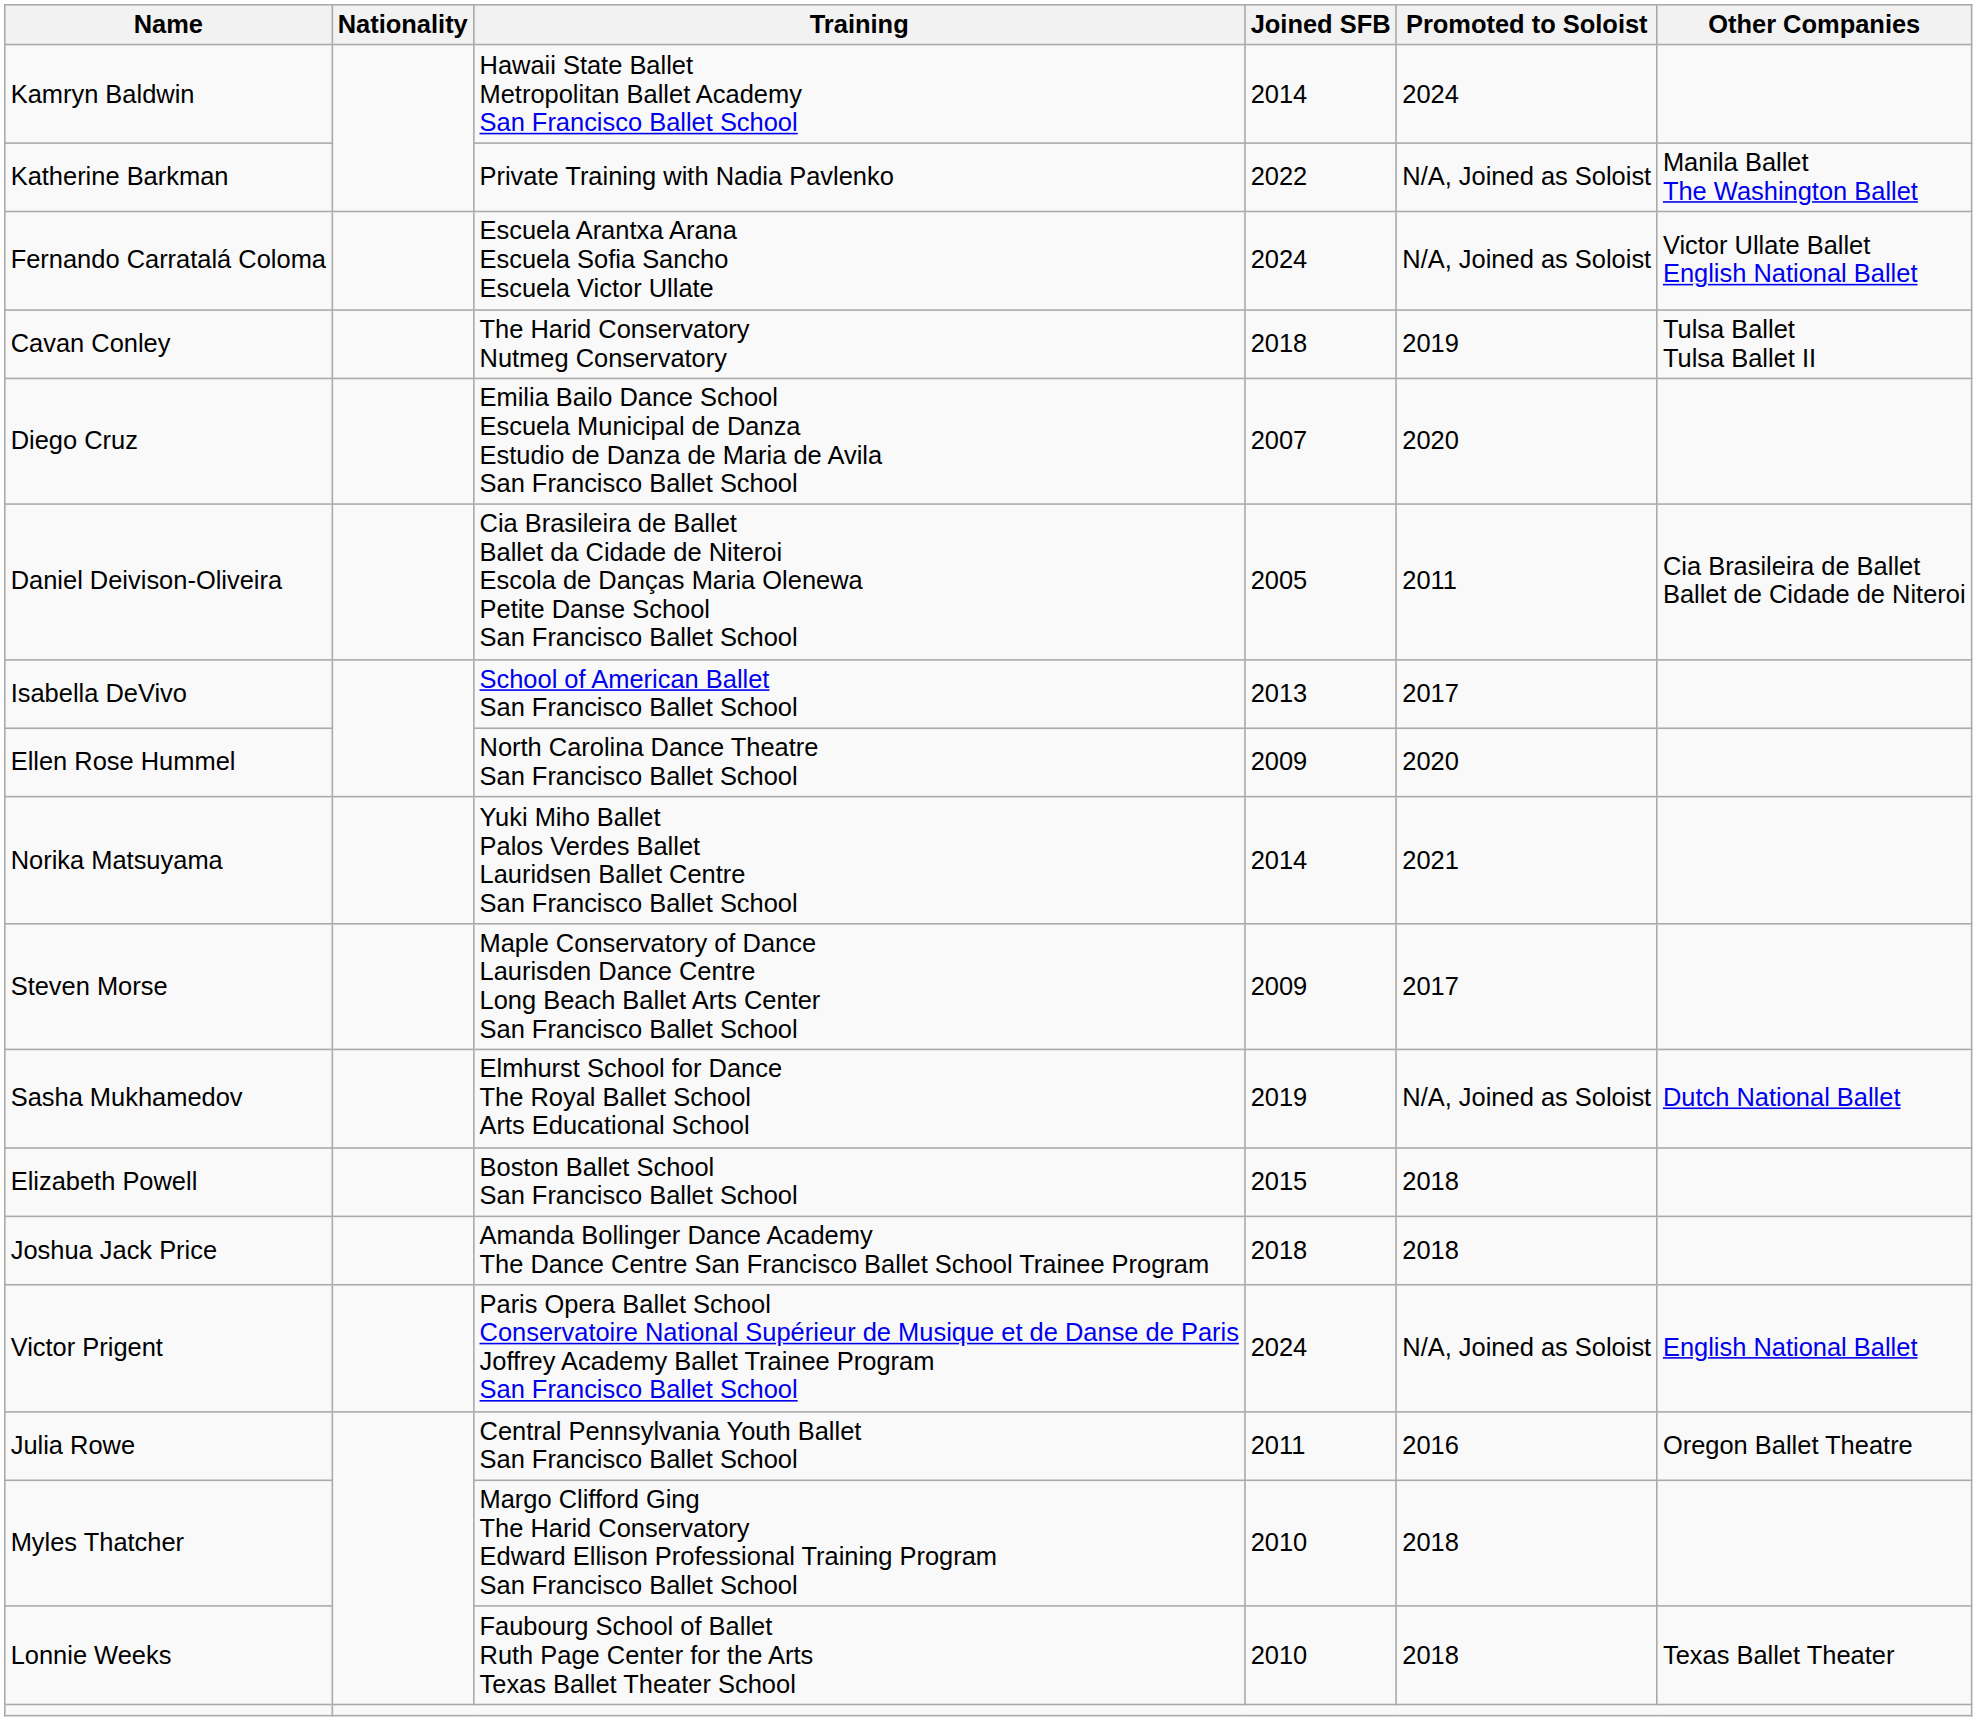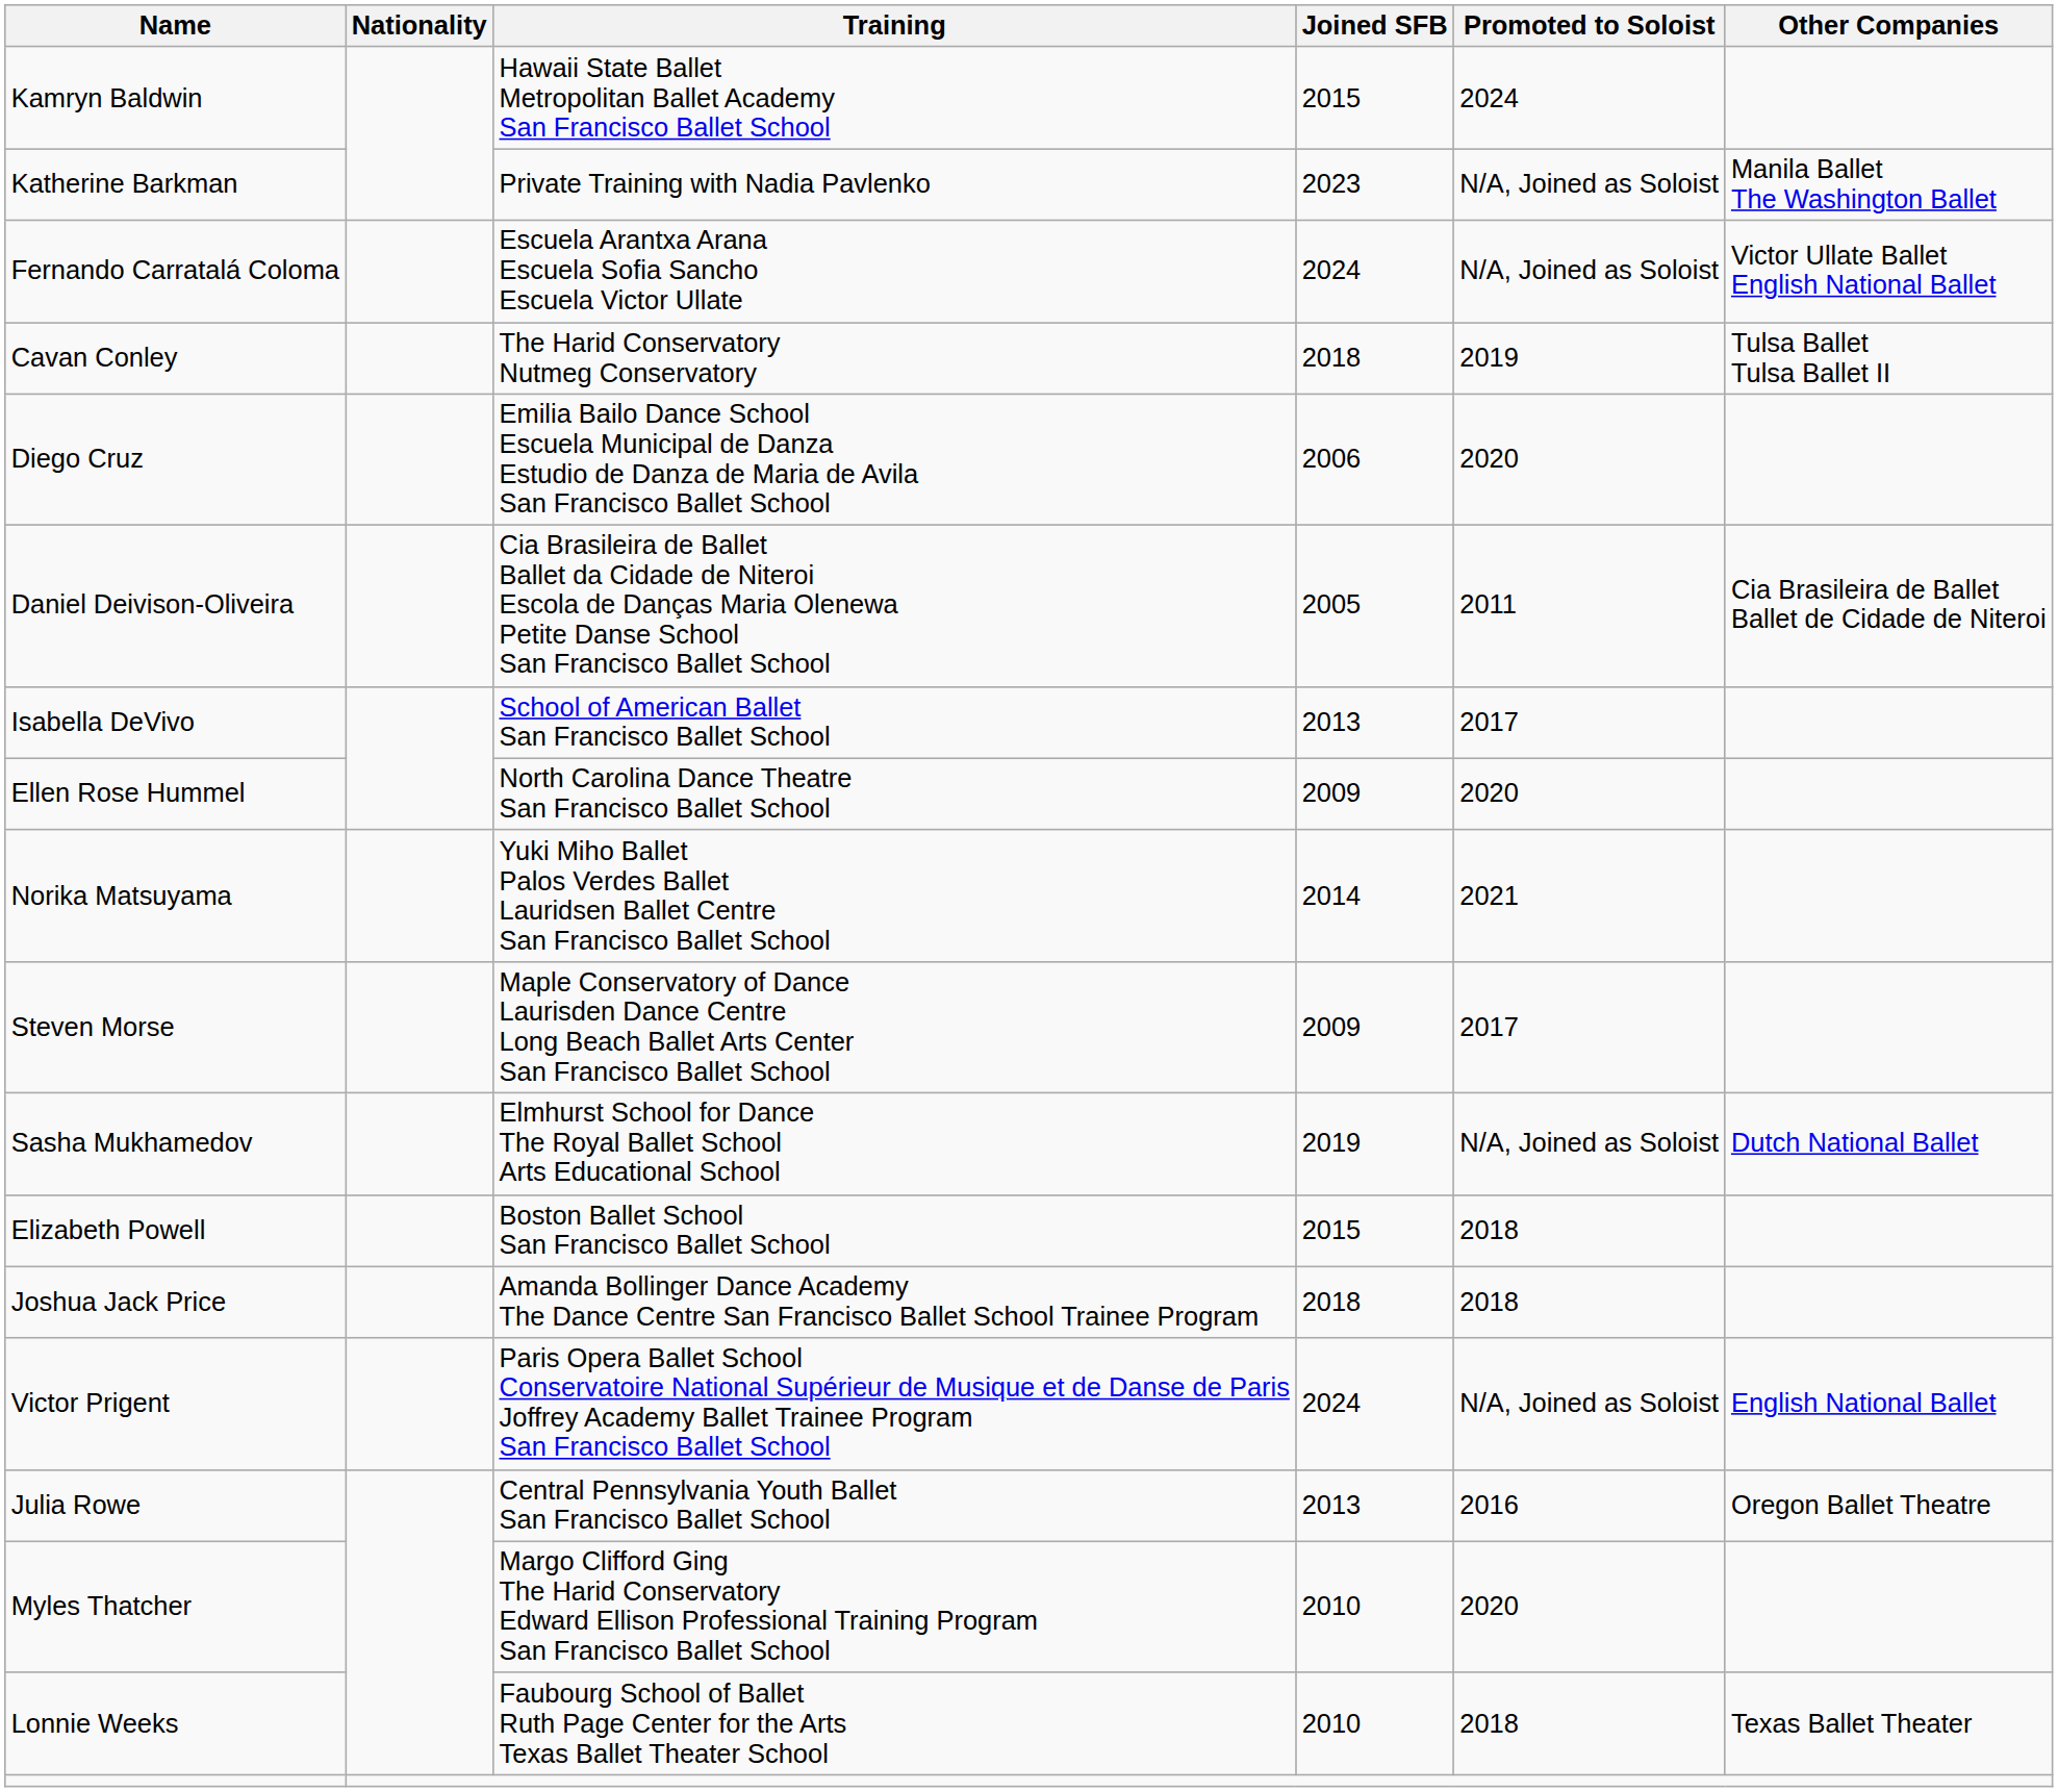 <table class="wikitable">
 <tr>
 <th>Name</th>
 <th>Nationality</th>
 <th>Training</th>
 <th>Joined SFB</th>
 <th>Promoted to Soloist</th>
 <th>Other Companies</th>
 </tr>
 <tr>
 <td>Kamryn Baldwin</td>
 <td rowspan="2"></td>
 <td>Hawaii State Ballet<br>Metropolitan Ballet Academy<br><a href='#'>San Francisco Ballet School</a></td>
-<td>2014</td>
+<td>2015</td>
 <td>2024</td>
 <td></td>
 </tr>
 <tr>
 <td>Katherine Barkman</td>
 <td>Private Training with Nadia Pavlenko</td>
-<td>2022</td>
+<td>2023</td>
 <td>N/A, Joined as Soloist</td>
 <td>Manila Ballet<br><a href='#'>The Washington Ballet</a></td>
 </tr>
 <tr>
 <td>Fernando Carratalá Coloma</td>
 <td></td>
 <td>Escuela Arantxa Arana<br>Escuela Sofia Sancho<br>Escuela Victor Ullate</td>
 <td>2024</td>
 <td>N/A, Joined as Soloist</td>
 <td>Victor Ullate Ballet<br><a href='#'>English National Ballet</a></td>
 </tr>
 <tr>
 <td>Cavan Conley</td>
 <td></td>
 <td>The Harid Conservatory<br>Nutmeg Conservatory</td>
 <td>2018</td>
 <td>2019</td>
 <td>Tulsa Ballet<br>Tulsa Ballet II</td>
 </tr>
 <tr>
 <td>Diego Cruz</td>
 <td></td>
 <td>Emilia Bailo Dance School<br>Escuela Municipal de Danza<br>Estudio de Danza de Maria de Avila<br>San Francisco Ballet School</td>
-<td>2007</td>
+<td>2006</td>
 <td>2020</td>
 <td></td>
 </tr>
 <tr>
 <td>Daniel Deivison-Oliveira</td>
 <td></td>
 <td>Cia Brasileira de Ballet<br>Ballet da Cidade de Niteroi<br>Escola de Danças Maria Olenewa<br>Petite Danse School<br>San Francisco Ballet School</td>
 <td>2005</td>
 <td>2011</td>
 <td>Cia Brasileira de Ballet<br>Ballet de Cidade de Niteroi</td>
 </tr>
 <tr>
 <td>Isabella DeVivo</td>
 <td rowspan="2"></td>
 <td><a href='#'>School of American Ballet</a><br>San Francisco Ballet School</td>
 <td>2013</td>
 <td>2017</td>
 <td></td>
 </tr>
 <tr>
 <td>Ellen Rose Hummel</td>
 <td>North Carolina Dance Theatre<br>San Francisco Ballet School</td>
 <td>2009</td>
 <td>2020</td>
 <td></td>
 </tr>
 <tr>
 <td>Norika Matsuyama</td>
 <td></td>
 <td>Yuki Miho Ballet<br>Palos Verdes Ballet<br>Lauridsen Ballet Centre<br>San Francisco Ballet School</td>
 <td>2014</td>
 <td>2021</td>
 <td></td>
 </tr>
 <tr>
 <td>Steven Morse</td>
 <td></td>
 <td>Maple Conservatory of Dance<br>Laurisden Dance Centre<br>Long Beach Ballet Arts Center<br>San Francisco Ballet School</td>
 <td>2009</td>
 <td>2017</td>
 <td></td>
 </tr>
 <tr>
 <td>Sasha Mukhamedov</td>
 <td></td>
 <td>Elmhurst School for Dance<br>The Royal Ballet School<br>Arts Educational School</td>
 <td>2019</td>
 <td>N/A, Joined as Soloist</td>
 <td><a href='#'>Dutch National Ballet</a></td>
 </tr>
 <tr>
 <td>Elizabeth Powell</td>
 <td></td>
 <td>Boston Ballet School<br>San Francisco Ballet School</td>
 <td>2015</td>
 <td>2018</td>
 <td></td>
 </tr>
 <tr>
 <td>Joshua Jack Price</td>
 <td></td>
 <td>Amanda Bollinger Dance Academy<br>The Dance Centre San Francisco Ballet School Trainee Program</td>
 <td>2018</td>
 <td>2018</td>
 <td></td>
 </tr>
 <tr>
 <td>Victor Prigent</td>
 <td></td>
 <td>Paris Opera Ballet School<br><a href='#'>Conservatoire National Supérieur de Musique et de Danse de Paris</a><br>Joffrey Academy Ballet Trainee Program<br><a href='#'>San Francisco Ballet School</a></td>
 <td>2024</td>
 <td>N/A, Joined as Soloist</td>
 <td><a href='#'>English National Ballet</a></td>
 </tr>
 <tr>
 <td>Julia Rowe</td>
 <td rowspan="3"></td>
 <td>Central Pennsylvania Youth Ballet<br>San Francisco Ballet School</td>
-<td>2011</td>
+<td>2013</td>
 <td>2016</td>
 <td>Oregon Ballet Theatre</td>
 </tr>
 <tr>
 <td>Myles Thatcher</td>
 <td>Margo Clifford Ging<br>The Harid Conservatory<br>Edward Ellison Professional Training Program<br>San Francisco Ballet School</td>
 <td>2010</td>
-<td>2018</td>
+<td>2020</td>
 <td></td>
 </tr>
 <tr>
 <td>Lonnie Weeks</td>
 <td>Faubourg School of Ballet<br>Ruth Page Center for the Arts<br>Texas Ballet Theater School</td>
 <td>2010</td>
 <td>2018</td>
 <td>Texas Ballet Theater</td>
 </tr>
 <tr>
 <td></td>
 </tr>
 </table>
